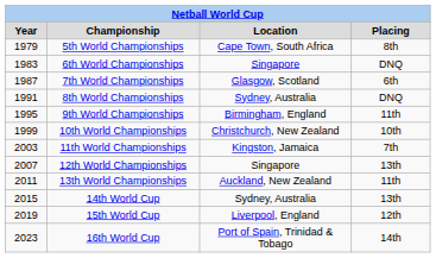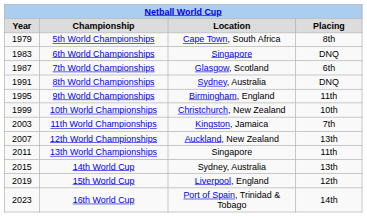 <table class=wikitable style="text-align:center; font-size:90%">
 <tr>
 <th colspan=4 style=background:#ABCDEF><a href='#'>Netball World Cup</a></th>
 </tr>
 <tr>
 <th width=50 style=background:gainsboro>Year</th>
 <th width=200 style=background:gainsboro>Championship</th>
 <th width=200 style=background:gainsboro>Location</th>
 <th width=100 style=background:gainsboro>Placing</th>
 </tr>
 <tr>
 <td>1979</td>
 <td><a href='#'>5th World Championships</a></td>
 <td><a href='#'>Cape Town</a>, South Africa</td>
 <td>8th</td>
 </tr>
 <tr>
 <td>1983</td>
 <td><a href='#'>6th World Championships</a></td>
 <td><a href='#'>Singapore</a></td>
 <td>DNQ</td>
 </tr>
 <tr>
 <td>1987</td>
 <td><a href='#'>7th World Championships</a></td>
 <td><a href='#'>Glasgow</a>, Scotland</td>
 <td>6th</td>
 </tr>
 <tr>
 <td>1991</td>
 <td><a href='#'>8th World Championships</a></td>
 <td><a href='#'>Sydney</a>, Australia</td>
 <td>DNQ</td>
 </tr>
 <tr>
 <td>1995</td>
 <td><a href='#'>9th World Championships</a></td>
 <td><a href='#'>Birmingham</a>, England</td>
 <td>11th</td>
 </tr>
 <tr>
 <td>1999</td>
 <td><a href='#'>10th World Championships</a></td>
 <td><a href='#'>Christchurch</a>, New Zealand</td>
 <td>10th</td>
 </tr>
 <tr>
 <td>2003</td>
 <td><a href='#'>11th World Championships</a></td>
 <td><a href='#'>Kingston</a>, Jamaica</td>
 <td>7th</td>
 </tr>
 <tr>
 <td>2007</td>
 <td><a href='#'>12th World Championships</a></td>
-<td>Singapore</td>
+<td><a href='#'>Auckland</a>, New Zealand</td>
 <td>13th</td>
 </tr>
 <tr>
 <td>2011</td>
 <td><a href='#'>13th World Championships</a></td>
-<td><a href='#'>Auckland</a>, New Zealand</td>
+<td>Singapore</td>
 <td>11th</td>
 </tr>
 <tr>
 <td>2015</td>
 <td><a href='#'>14th World Cup</a></td>
 <td>Sydney, Australia</td>
 <td>13th</td>
 </tr>
 <tr>
 <td>2019</td>
 <td><a href='#'>15th World Cup</a></td>
 <td><a href='#'>Liverpool</a>, England</td>
 <td>12th</td>
 </tr>
 <tr>
 <td>2023</td>
 <td><a href='#'>16th World Cup</a></td>
 <td><a href='#'>Port of Spain</a>, Trinidad & Tobago</td>
 <td>14th</td>
 </tr>
 </table>
